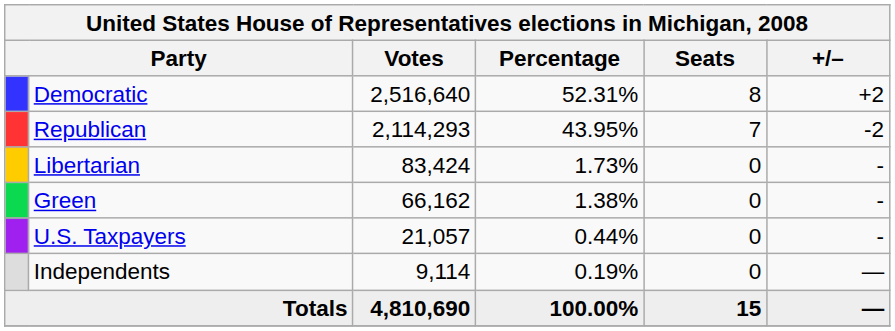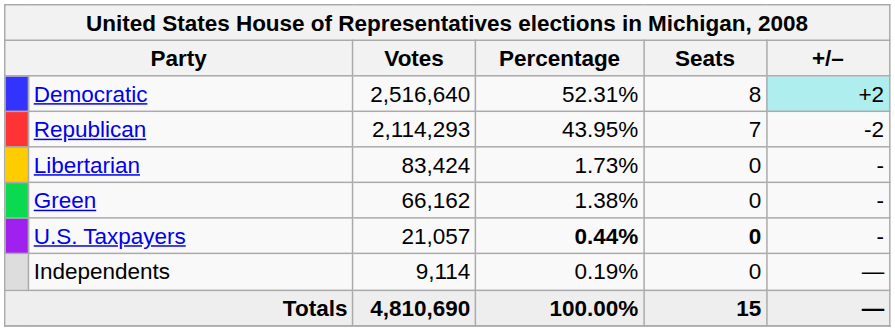 <table class="wikitable" style="font-size: 95%;">
 <tr>
 <th colspan="6">United States House of Representatives elections in Michigan, 2008</th>
 </tr>
 <tr>
 <th colspan=2 style="width: 15em">Party</th>
 <th style="width: 5em">Votes</th>
 <th style="width: 7em">Percentage</th>
 <th style="width: 5em">Seats</th>
 <th style="width: 5em">+/–</th>
 </tr>
 <tr>
 <th style="background-color:#3333FF; width: 3px"></th>
 <td style="width: 130px"><a href='#'>Democratic</a></td>
 <td align="right">2,516,640</td>
 <td align="right">52.31%</td>
 <td align="right">8</td>
-<td align="right">+2</td>
+<td align="right" style="background: paleturquoise;">+2</td>
 </tr>
 <tr>
 <th style="background-color:#FF3333; width: 3px"></th>
 <td style="width: 130px"><a href='#'>Republican</a></td>
 <td align="right">2,114,293</td>
 <td align="right">43.95%</td>
 <td align="right">7</td>
 <td align="right">-2</td>
 </tr>
 <tr>
 <th style="background-color:#FFCC00; width: 3px"></th>
 <td style="width: 130px"><a href='#'>Libertarian</a></td>
 <td align="right">83,424</td>
 <td align="right">1.73%</td>
 <td align="right">0</td>
 <td align="right">-</td>
 </tr>
 <tr>
 <th style="background-color:#0BDA51; width: 3px"></th>
 <td style="width: 130px"><a href='#'>Green</a></td>
 <td align="right">66,162</td>
 <td align="right">1.38%</td>
 <td align="right">0</td>
 <td align="right">-</td>
 </tr>
 <tr>
 <th style="background-color:#A020F0; width: 3px"></th>
 <td style="width: 130px"><a href='#'>U.S. Taxpayers</a></td>
 <td align="right">21,057</td>
-<td align="right">0.44%</td>
-<td align="right">0</td>
+<td align="right"><strong>0.44%</strong></td>
+<td align="right"><strong>0</strong></td>
 <td align="right">-</td>
 </tr>
 <tr>
 <th style="background-color:#DDDDDD; width: 3px"></th>
 <td style="width: 130px">Independents</td>
 <td align="right">9,114</td>
 <td align="right">0.19%</td>
 <td align="right">0</td>
 <td align="right">—</td>
 </tr>
 <tr bgcolor="#EEEEEE">
 <td colspan="2" align="right"><strong>Totals</strong></td>
 <td align="right"><strong>4,810,690</strong></td>
 <td align="right"><strong>100.00%</strong></td>
 <td align="right"><strong>15</strong></td>
 <td align="right"><strong>—</strong></td>
 </tr>
 <tr bgcolor="#EEEEEE">
 </tr>
 </table>
